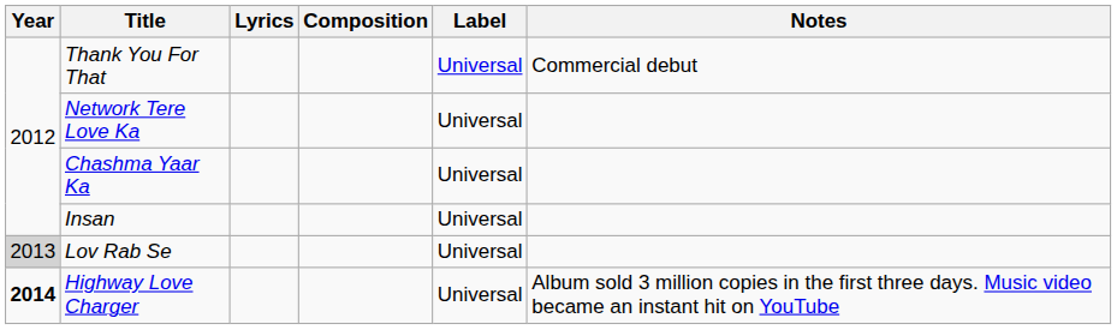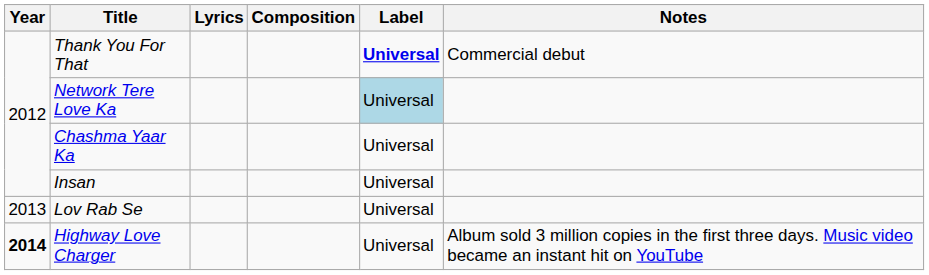 <table class="wikitable sortable">
 <tr>
 <th>Year</th>
 <th>Title</th>
 <th>Lyrics</th>
 <th>Composition</th>
 <th>Label</th>
 <th class="unsortable">Notes</th>
 </tr>
 <tr>
 <td rowspan="4" style="text-align:center;">2012</td>
 <td><em>Thank You For That</em></td>
 <td></td>
 <td></td>
-<td><a href='#'>Universal</a></td>
+<td><strong><a href='#'>Universal</a></strong></td>
 <td>Commercial debut</td>
 </tr>
 <tr>
 <td><em><a href='#'>Network Tere Love Ka</a></em></td>
 <td></td>
 <td></td>
-<td>Universal</td>
+<td style="background: lightblue;">Universal</td>
 <td></td>
 </tr>
 <tr>
 <td><em><a href='#'>Chashma Yaar Ka</a></em></td>
 <td></td>
 <td></td>
 <td>Universal</td>
 <td></td>
 </tr>
 <tr>
 <td><em>Insan</em></td>
 <td></td>
 <td></td>
 <td>Universal</td>
 <td></td>
 </tr>
 <tr>
-<td style="background: lightgrey; text-align:center;">2013</td>
+<td style="text-align:center;">2013</td>
 <td><em>Lov Rab Se</em></td>
 <td></td>
 <td></td>
 <td>Universal</td>
 <td></td>
 </tr>
 <tr>
 <td style="text-align:center;"><strong>2014</strong></td>
 <td><em><a href='#'>Highway Love Charger</a></em></td>
 <td></td>
 <td></td>
 <td>Universal</td>
 <td>Album sold 3 million copies in the first three days. <a href='#'>Music video</a> became an instant hit on <a href='#'>YouTube</a></td>
 </tr>
 </table>
